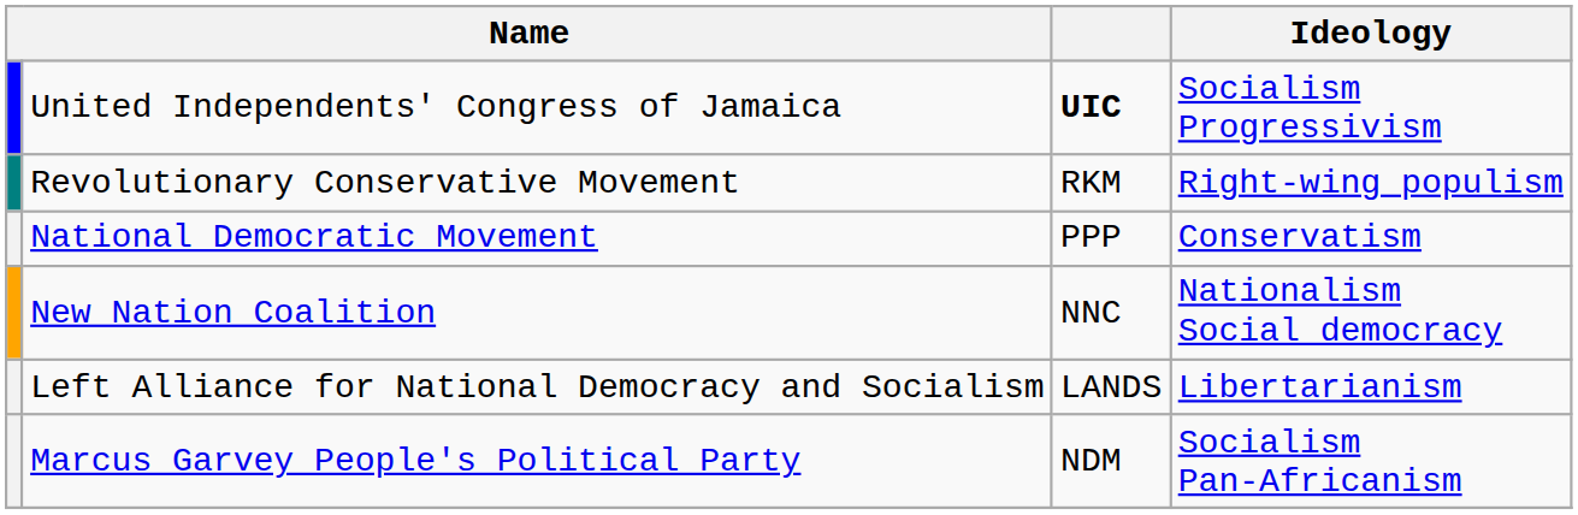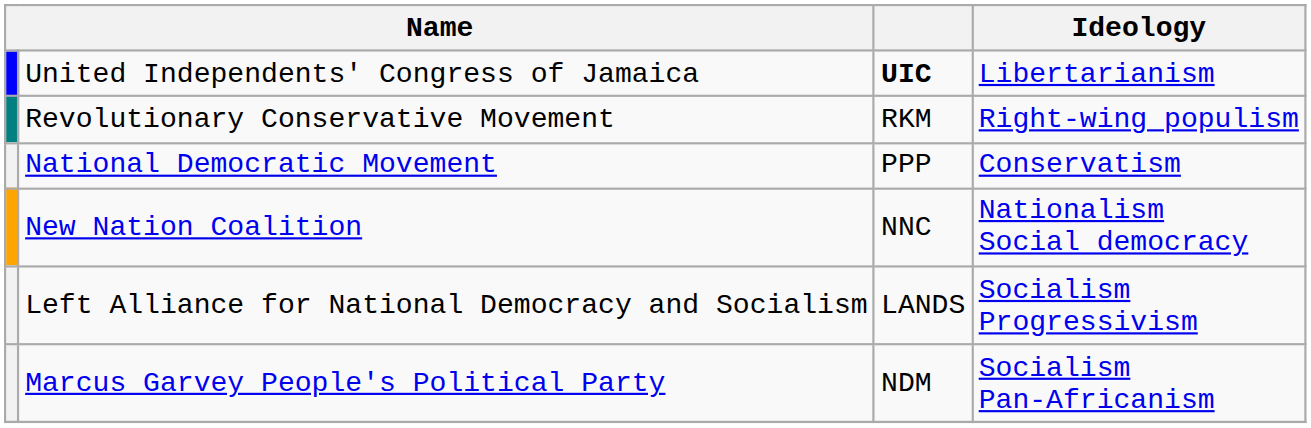 <table class="wikitable sortable">
 <tr>
 <th colspan=2>Name</th>
 <th></th>
 <th>Ideology</th>
 </tr>
 <tr>
 <th style="background-color: blue"></th>
 <td>United Independents' Congress of Jamaica</td>
 <td><strong>UIC</strong></td>
-<td><a href='#'>Socialism</a><br><a href='#'>Progressivism</a></td>
+<td><a href='#'>Libertarianism</a></td>
 </tr>
 <tr>
 <th style="background-color: teal"></th>
 <td>Revolutionary Conservative Movement</td>
 <td>RKM</td>
 <td><a href='#'>Right-wing populism</a></td>
 </tr>
 <tr>
 <th style="background-color: "></th>
 <td><a href='#'>National Democratic Movement</a></td>
 <td>PPP</td>
 <td><a href='#'>Conservatism</a></td>
 </tr>
 <tr>
 <th style="background-color: orange"></th>
 <td><a href='#'>New Nation Coalition</a></td>
 <td>NNC</td>
 <td><a href='#'>Nationalism</a><br><a href='#'>Social democracy</a></td>
 </tr>
 <tr>
 <th style=“background-color: ></th>
 <td>Left Alliance for National Democracy and Socialism</td>
 <td>LANDS</td>
-<td><a href='#'>Libertarianism</a></td>
+<td><a href='#'>Socialism</a><br><a href='#'>Progressivism</a></td>
 </tr>
 <tr>
 <th style=“background-color: ></th>
 <td><a href='#'>Marcus Garvey People's Political Party</a></td>
 <td>NDM</td>
 <td><a href='#'>Socialism</a><br><a href='#'>Pan-Africanism</a></td>
 </tr>
 <tr>
 </tr>
 </table>
